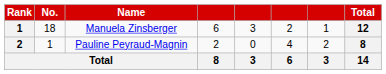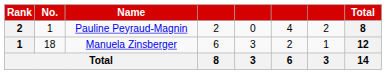 <table class="wikitable" style="text-align:center; font-size:100%; ">
 <tr>
 <th style="background:#d50000; color:white; text-align:center; width:40px">Rank</th>
 <th style="background:#d50000; color:white; text-align:center; width:40px">No.</th>
 <th style="background:#d50000; color:white; text-align:center; width:200px">Name</th>
 <th style="background:#d50000; color:white; text-align:center; width:50px;"><a href='#'></a></th>
 <th style="background:#d50000; color:white; text-align:center; width:50px;"><a href='#'></a></th>
 <th style="background:#d50000; color:white; text-align:center; width:50px;"><a href='#'></a></th>
 <th style="background:#d50000; color:white; text-align:center; width:50px;"><a href='#'></a></th>
 <th style="background:#d50000; color:white; text-align:center; width:50px;">Total</th>
 </tr>
 <tr>
+<th>2</th>
+<td>1</td>
+<td> <a href='#'>Pauline Peyraud-Magnin</a></td>
+<td>2</td>
+<td>0</td>
+<td>4</td>
+<td>2</td>
+<th>8</th>
+</tr>
+<tr>
 <th>1</th>
 <td>18</td>
 <td> <a href='#'>Manuela Zinsberger</a></td>
 <td>6</td>
 <td>3</td>
 <td>2</td>
 <td>1</td>
 <th>12</th>
 </tr>
 <tr>
-<th>2</th>
-<td>1</td>
-<td> <a href='#'>Pauline Peyraud-Magnin</a></td>
-<td>2</td>
-<td>0</td>
-<td>4</td>
-<td>2</td>
-<th>8</th>
-</tr>
-<tr>
 <th colspan="3">Total</th>
 <th>8</th>
 <th>3</th>
 <th>6</th>
 <th>3</th>
 <th>14</th>
 </tr>
 </table>
